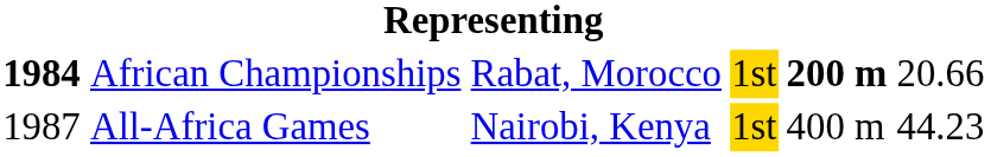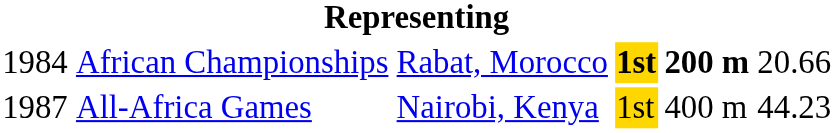 <table>
 <tr>
 <th colspan="6">Representing </th>
 </tr>
 <tr>
-<td><strong>1984</strong></td>
+<td>1984</td>
 <td><a href='#'>African Championships</a></td>
 <td><a href='#'>Rabat, Morocco</a></td>
-<td bgcolor=gold>1st</td>
+<td bgcolor=gold><strong>1st</strong></td>
 <td><strong>200 m</strong></td>
 <td>20.66</td>
 </tr>
 <tr>
 <td>1987</td>
 <td><a href='#'>All-Africa Games</a></td>
 <td><a href='#'>Nairobi, Kenya</a></td>
 <td bgcolor=gold>1st</td>
 <td>400 m</td>
 <td>44.23</td>
 </tr>
 </table>
